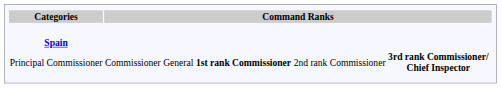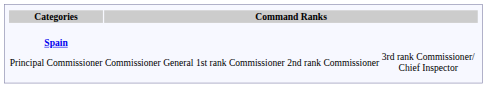 <table style="border:1px solid #8888aa; background-color:#f7f8ff; padding:5px; font-size:95%; margin:0px 12px 12px 0px;">
 <tr>
 </tr>
 <tr bgcolor="#CCCCCC">
 <th><strong>Categories</strong></th>
 <th colspan=5>Command Ranks</th>
 </tr>
 <tr>
 </tr>
 <tr>
 <td align="center" rowspan=2><strong><br><a href='#'>Spain</a></strong></td>
 <td align="center" colspan=1></td>
 <td align="center" colspan=1></td>
 <td align="center" colspan=1></td>
 <td align="center" colspan=1></td>
 <td align="center" colspan=1></td>
 </tr>
 <tr rowspan="2">
 </tr>
 <tr align="center">
 <td align="center" colspan=1>Principal Commissioner</td>
 <td align="center" colspan=1>Commissioner General</td>
-<td align="center" colspan=1><strong>1st rank Commissioner</strong></td>
+<td align="center" colspan=1>1st rank Commissioner</td>
 <td align="center" colspan=1>2nd rank Commissioner</td>
-<td align="center" colspan=1><strong>3rd rank Commissioner/<br>Chief Inspector</strong></td>
+<td align="center" colspan=1>3rd rank Commissioner/<br>Chief Inspector</td>
 </tr>
 <tr>
 <td colspan=10></td>
 </tr>
 <tr>
 </tr>
 </table>
